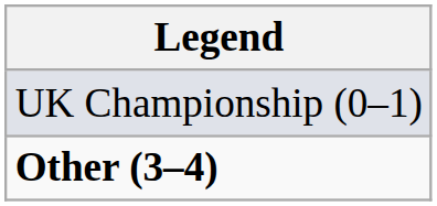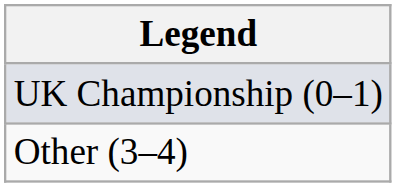 <table class="wikitable">
 <tr>
 <th>Legend</th>
 </tr>
 <tr bgcolor="dfe2e9">
 <td>UK Championship (0–1)</td>
 </tr>
 <tr bgcolor=>
-<td><strong>Other (3–4)</strong></td>
+<td>Other (3–4)</td>
 </tr>
 </table>
